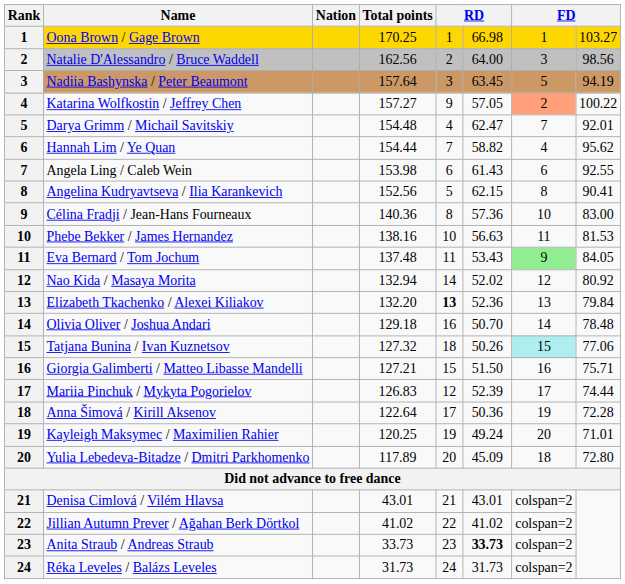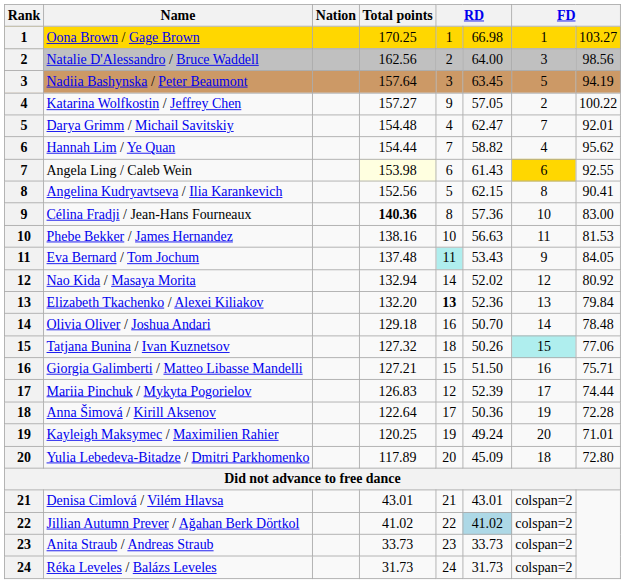 <table class="wikitable sortable" style="text-align:left;">
 <tr>
 <th scope="col">Rank</th>
 <th scope="col">Name</th>
 <th scope="col">Nation</th>
 <th scope="col">Total points</th>
 <th colspan="2" width="80px"><a href='#'>RD</a></th>
 <th colspan="2" width="80px"><a href='#'>FD</a></th>
 </tr>
 <tr bgcolor="gold">
 <th scope="row"><strong>1</strong></th>
 <td style="text-align:left"><a href='#'>Oona Brown</a> / <a href='#'>Gage Brown</a></td>
 <td></td>
 <td align="center">170.25</td>
 <td align="center">1</td>
 <td align="center">66.98</td>
 <td align="center">1</td>
 <td align="center">103.27</td>
 </tr>
 <tr bgcolor="silver">
 <th scope="row"><strong>2</strong></th>
 <td style="text-align:left"><a href='#'>Natalie D'Alessandro</a> / <a href='#'>Bruce Waddell</a></td>
 <td></td>
 <td align="center">162.56</td>
 <td align="center">2</td>
 <td align="center">64.00</td>
 <td align="center">3</td>
 <td align="center">98.56</td>
 </tr>
 <tr bgcolor="cc9966">
 <th scope="row"><strong>3</strong></th>
 <td style="text-align:left"><a href='#'>Nadiia Bashynska</a> / <a href='#'>Peter Beaumont</a></td>
 <td></td>
 <td align="center">157.64</td>
 <td align="center">3</td>
 <td align="center">63.45</td>
 <td align="center">5</td>
 <td align="center">94.19</td>
 </tr>
 <tr>
 <th scope="row">4</th>
 <td style="text-align:left"><a href='#'>Katarina Wolfkostin</a> / <a href='#'>Jeffrey Chen</a></td>
 <td></td>
 <td align="center">157.27</td>
 <td align="center">9</td>
 <td align="center">57.05</td>
-<td align="center" style="background: lightsalmon;">2</td>
+<td align="center">2</td>
 <td align="center">100.22</td>
 </tr>
 <tr>
 <th scope="row">5</th>
 <td style="text-align:left"><a href='#'>Darya Grimm</a> / <a href='#'>Michail Savitskiy</a></td>
 <td></td>
 <td align="center">154.48</td>
 <td align="center">4</td>
 <td align="center">62.47</td>
 <td align="center">7</td>
 <td align="center">92.01</td>
 </tr>
 <tr>
 <th scope="row">6</th>
 <td style="text-align:left"><a href='#'>Hannah Lim</a> / <a href='#'>Ye Quan</a></td>
 <td></td>
 <td align="center">154.44</td>
 <td align="center">7</td>
 <td align="center">58.82</td>
 <td align="center">4</td>
 <td align="center">95.62</td>
 </tr>
 <tr>
 <th scope="row">7</th>
 <td style="text-align:left">Angela Ling / Caleb Wein</td>
 <td></td>
-<td align="center">153.98</td>
+<td align="center" style="background: lightyellow;">153.98</td>
 <td align="center">6</td>
 <td align="center">61.43</td>
-<td align="center">6</td>
+<td align="center" style="background: gold;">6</td>
 <td align="center">92.55</td>
 </tr>
 <tr>
 <th scope="row">8</th>
 <td style="text-align:left"><a href='#'>Angelina Kudryavtseva</a> / <a href='#'>Ilia Karankevich</a></td>
 <td></td>
 <td align="center">152.56</td>
 <td align="center">5</td>
 <td align="center">62.15</td>
 <td align="center">8</td>
 <td align="center">90.41</td>
 </tr>
 <tr>
 <th scope="row">9</th>
 <td style="text-align:left"><a href='#'>Célina Fradji</a> / Jean-Hans Fourneaux</td>
 <td></td>
-<td align="center">140.36</td>
+<td align="center"><strong>140.36</strong></td>
 <td align="center">8</td>
 <td align="center">57.36</td>
 <td align="center">10</td>
 <td align="center">83.00</td>
 </tr>
 <tr>
 <th scope="row">10</th>
 <td style="text-align:left"><a href='#'>Phebe Bekker</a> / <a href='#'>James Hernandez</a></td>
 <td></td>
 <td align="center">138.16</td>
 <td align="center">10</td>
 <td align="center">56.63</td>
 <td align="center">11</td>
 <td align="center">81.53</td>
 </tr>
 <tr>
 <th scope="row">11</th>
 <td style="text-align:left"><a href='#'>Eva Bernard</a> / <a href='#'>Tom Jochum</a></td>
 <td></td>
 <td align="center">137.48</td>
-<td align="center">11</td>
+<td align="center" style="background: paleturquoise;">11</td>
 <td align="center">53.43</td>
-<td align="center" style="background: lightgreen;">9</td>
+<td align="center">9</td>
 <td align="center">84.05</td>
 </tr>
 <tr>
 <th scope="row">12</th>
 <td style="text-align:left"><a href='#'>Nao Kida</a> / <a href='#'>Masaya Morita</a></td>
 <td></td>
 <td align="center">132.94</td>
 <td align="center">14</td>
 <td align="center">52.02</td>
 <td align="center">12</td>
 <td align="center">80.92</td>
 </tr>
 <tr>
 <th scope="row">13</th>
 <td style="text-align:left"><a href='#'>Elizabeth Tkachenko</a> / <a href='#'>Alexei Kiliakov</a></td>
 <td></td>
 <td align="center">132.20</td>
 <td align="center"><strong>13</strong></td>
 <td align="center">52.36</td>
 <td align="center">13</td>
 <td align="center">79.84</td>
 </tr>
 <tr>
 <th scope="row">14</th>
 <td style="text-align:left"><a href='#'>Olivia Oliver</a> / <a href='#'>Joshua Andari</a></td>
 <td></td>
 <td align="center">129.18</td>
 <td align="center">16</td>
 <td align="center">50.70</td>
 <td align="center">14</td>
 <td align="center">78.48</td>
 </tr>
 <tr>
 <th scope="row">15</th>
 <td style="text-align:left"><a href='#'>Tatjana Bunina</a> / <a href='#'>Ivan Kuznetsov</a></td>
 <td></td>
 <td align="center">127.32</td>
 <td align="center">18</td>
 <td align="center">50.26</td>
 <td align="center" style="background: paleturquoise;">15</td>
 <td align="center">77.06</td>
 </tr>
 <tr>
 <th scope="row">16</th>
 <td style="text-align:left"><a href='#'>Giorgia Galimberti</a> / <a href='#'>Matteo Libasse Mandelli</a></td>
 <td></td>
 <td align="center">127.21</td>
 <td align="center">15</td>
 <td align="center">51.50</td>
 <td align="center">16</td>
 <td align="center">75.71</td>
 </tr>
 <tr>
 <th scope="row">17</th>
 <td style="text-align:left"><a href='#'>Mariia Pinchuk</a> / <a href='#'>Mykyta Pogorielov</a></td>
 <td></td>
 <td align="center">126.83</td>
 <td align="center">12</td>
 <td align="center">52.39</td>
 <td align="center">17</td>
 <td align="center">74.44</td>
 </tr>
 <tr>
 <th scope="row">18</th>
 <td style="text-align:left"><a href='#'>Anna Šimová</a> / <a href='#'>Kirill Aksenov</a></td>
 <td></td>
 <td align="center">122.64</td>
 <td align="center">17</td>
 <td align="center">50.36</td>
 <td align="center">19</td>
 <td align="center">72.28</td>
 </tr>
 <tr>
 <th scope="row">19</th>
 <td style="text-align:left"><a href='#'>Kayleigh Maksymec</a> / <a href='#'>Maximilien Rahier</a></td>
 <td></td>
 <td align="center">120.25</td>
 <td align="center">19</td>
 <td align="center">49.24</td>
 <td align="center">20</td>
 <td align="center">71.01</td>
 </tr>
 <tr>
 <th scope="row">20</th>
 <td style="text-align:left"><a href='#'>Yulia Lebedeva-Bitadze</a> / <a href='#'>Dmitri Parkhomenko</a></td>
 <td></td>
 <td align="center">117.89</td>
 <td align="center">20</td>
 <td align="center">45.09</td>
 <td align="center">18</td>
 <td align="center">72.80</td>
 </tr>
 <tr>
 <th colspan="8">Did not advance to free dance</th>
 </tr>
 <tr>
 <th scope="row">21</th>
 <td style="text-align:left"><a href='#'>Denisa Cimlová</a> / <a href='#'>Vilém Hlavsa</a></td>
 <td></td>
 <td align="center">43.01</td>
 <td align="center">21</td>
 <td align="center">43.01</td>
 <td>colspan=2 </td>
 </tr>
 <tr>
 <th scope="row">22</th>
 <td style="text-align:left"><a href='#'>Jillian Autumn Prever</a> / <a href='#'>Ağahan Berk Dörtkol</a></td>
 <td></td>
 <td align="center">41.02</td>
 <td align="center">22</td>
-<td align="center">41.02</td>
+<td align="center" style="background: lightblue;">41.02</td>
 <td>colspan=2 </td>
 </tr>
 <tr>
 <th scope="row">23</th>
 <td style="text-align:left"><a href='#'>Anita Straub</a> / <a href='#'>Andreas Straub</a></td>
 <td></td>
 <td align="center">33.73</td>
 <td align="center">23</td>
-<td align="center"><strong>33.73</strong></td>
+<td align="center">33.73</td>
 <td>colspan=2 </td>
 </tr>
 <tr>
 <th scope="row">24</th>
 <td style="text-align:left"><a href='#'>Réka Leveles</a> / <a href='#'>Balázs Leveles</a></td>
 <td></td>
 <td align="center">31.73</td>
 <td align="center">24</td>
 <td align="center">31.73</td>
 <td>colspan=2 </td>
 </tr>
 </table>
